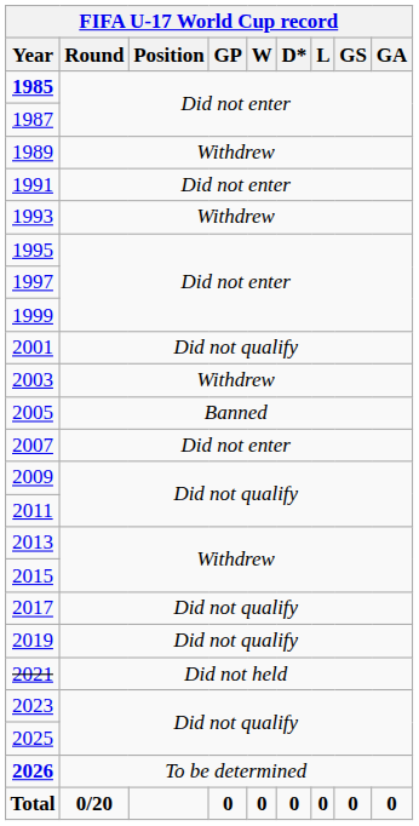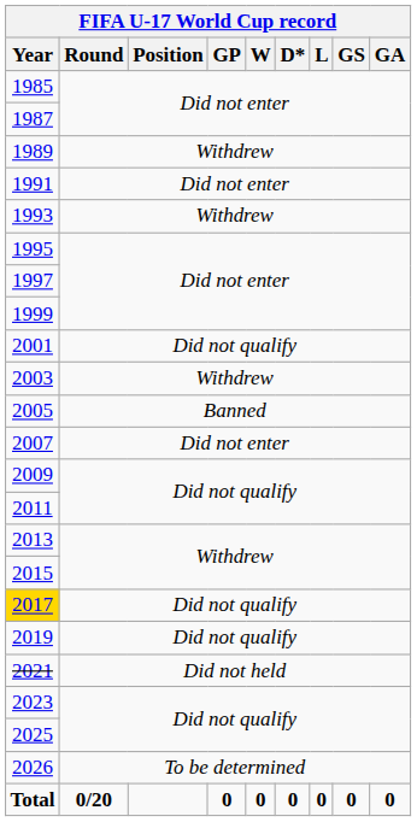 <table class="wikitable" style="text-align: center;">
 <tr>
 <th colspan=9><a href='#'>FIFA U-17 World Cup record</a></th>
 </tr>
 <tr>
 <th>Year</th>
 <th>Round</th>
 <th>Position</th>
 <th>GP</th>
 <th>W</th>
 <th>D*</th>
 <th>L</th>
 <th>GS</th>
 <th>GA</th>
 </tr>
 <tr>
-<td><strong> <a href='#'>1985</a></strong></td>
+<td> <a href='#'>1985</a></td>
 <td colspan=8 rowspan=2><em>Did not enter</em></td>
 </tr>
 <tr>
 <td> <a href='#'>1987</a></td>
 </tr>
 <tr>
 <td> <a href='#'>1989</a></td>
 <td colspan=8><em>Withdrew</em></td>
 </tr>
 <tr>
 <td> <a href='#'>1991</a></td>
 <td colspan=8><em>Did not enter</em></td>
 </tr>
 <tr>
 <td> <a href='#'>1993</a></td>
 <td colspan=8><em>Withdrew</em></td>
 </tr>
 <tr>
 <td> <a href='#'>1995</a></td>
 <td colspan=8 rowspan=3><em>Did not enter</em></td>
 </tr>
 <tr>
 <td> <a href='#'>1997</a></td>
 </tr>
 <tr>
 <td> <a href='#'>1999</a></td>
 </tr>
 <tr>
 <td> <a href='#'>2001</a></td>
 <td colspan=8><em>Did not qualify</em></td>
 </tr>
 <tr>
 <td> <a href='#'>2003</a></td>
 <td colspan=8><em>Withdrew</em></td>
 </tr>
 <tr>
 <td> <a href='#'>2005</a></td>
 <td colspan=8><em>Banned</em></td>
 </tr>
 <tr>
 <td> <a href='#'>2007</a></td>
 <td colspan=8><em>Did not enter</em></td>
 </tr>
 <tr>
 <td> <a href='#'>2009</a></td>
 <td colspan=8 rowspan=2><em>Did not qualify</em></td>
 </tr>
 <tr>
 <td> <a href='#'>2011</a></td>
 </tr>
 <tr>
 <td> <a href='#'>2013</a></td>
 <td colspan=8 rowspan=2><em>Withdrew</em></td>
 </tr>
 <tr>
 <td> <a href='#'>2015</a></td>
 </tr>
 <tr>
-<td> <a href='#'>2017</a></td>
+<td style="background: gold;"> <a href='#'>2017</a></td>
 <td colspan=8><em>Did not qualify</em></td>
 </tr>
 <tr>
 <td> <a href='#'>2019</a></td>
 <td colspan=8><em>Did not qualify</em></td>
 </tr>
 <tr>
 <td> <s><a href='#'>2021</a></s></td>
 <td colspan=8><em>Did not held</em></td>
 </tr>
 <tr>
 <td> <a href='#'>2023</a></td>
 <td colspan=8 rowspan=2><em>Did not qualify</em></td>
 </tr>
 <tr>
 <td> <a href='#'>2025</a></td>
 </tr>
 <tr>
-<td><strong> <a href='#'>2026</a></strong></td>
+<td> <a href='#'>2026</a></td>
 <td colspan=8><em>To be determined</em></td>
 </tr>
 <tr>
 <td><strong>Total</strong></td>
 <td><strong>0/20</strong></td>
 <td></td>
 <td><strong>0</strong></td>
 <td><strong>0</strong></td>
 <td><strong>0</strong></td>
 <td><strong>0</strong></td>
 <td><strong>0</strong></td>
 <td><strong>0</strong></td>
 </tr>
 </table>
